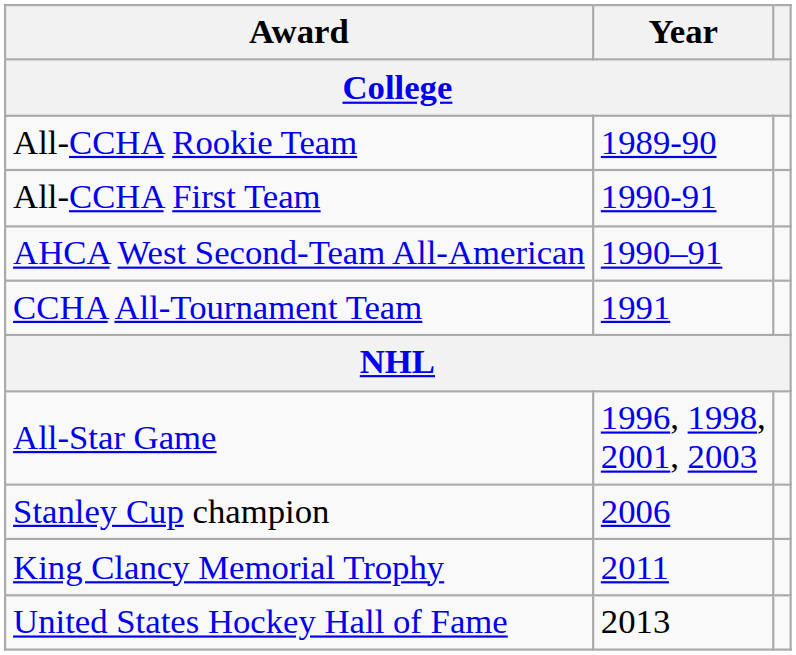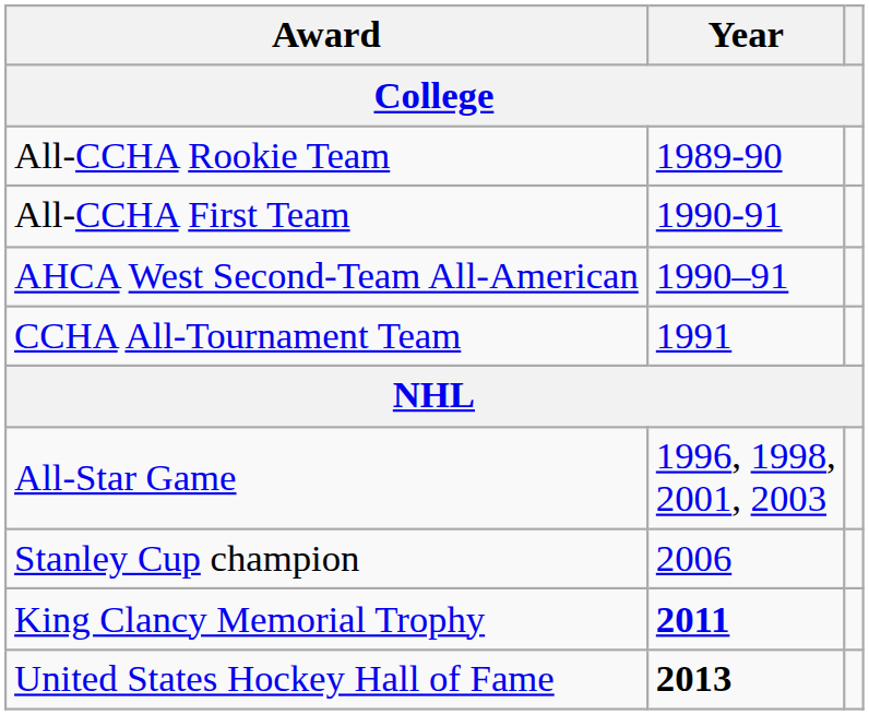 <table class="wikitable">
 <tr>
 <th>Award</th>
 <th>Year</th>
 <th></th>
 </tr>
 <tr>
 <th colspan="3"><a href='#'>College</a></th>
 </tr>
 <tr>
 <td>All-<a href='#'>CCHA</a> <a href='#'>Rookie Team</a></td>
 <td><a href='#'>1989-90</a></td>
 <td></td>
 </tr>
 <tr>
 <td>All-<a href='#'>CCHA</a> <a href='#'>First Team</a></td>
 <td><a href='#'>1990-91</a></td>
 <td></td>
 </tr>
 <tr>
 <td><a href='#'>AHCA</a> <a href='#'>West Second-Team All-American</a></td>
 <td><a href='#'>1990–91</a></td>
 <td></td>
 </tr>
 <tr>
 <td><a href='#'>CCHA</a> <a href='#'>All-Tournament Team</a></td>
 <td><a href='#'>1991</a></td>
 <td></td>
 </tr>
 <tr>
 <th colspan="3"><a href='#'>NHL</a></th>
 </tr>
 <tr>
 <td><a href='#'>All-Star Game</a></td>
 <td><a href='#'>1996</a>, <a href='#'>1998</a>,<br><a href='#'>2001</a>, <a href='#'>2003</a></td>
 <td></td>
 </tr>
 <tr>
 <td><a href='#'>Stanley Cup</a> champion</td>
 <td><a href='#'>2006</a></td>
 <td></td>
 </tr>
 <tr>
 <td><a href='#'>King Clancy Memorial Trophy</a></td>
-<td><a href='#'>2011</a></td>
+<td><strong><a href='#'>2011</a></strong></td>
 <td></td>
 </tr>
 <tr>
 <td><a href='#'>United States Hockey Hall of Fame</a></td>
-<td>2013</td>
+<td><strong>2013</strong></td>
 <td></td>
 </tr>
 </table>
